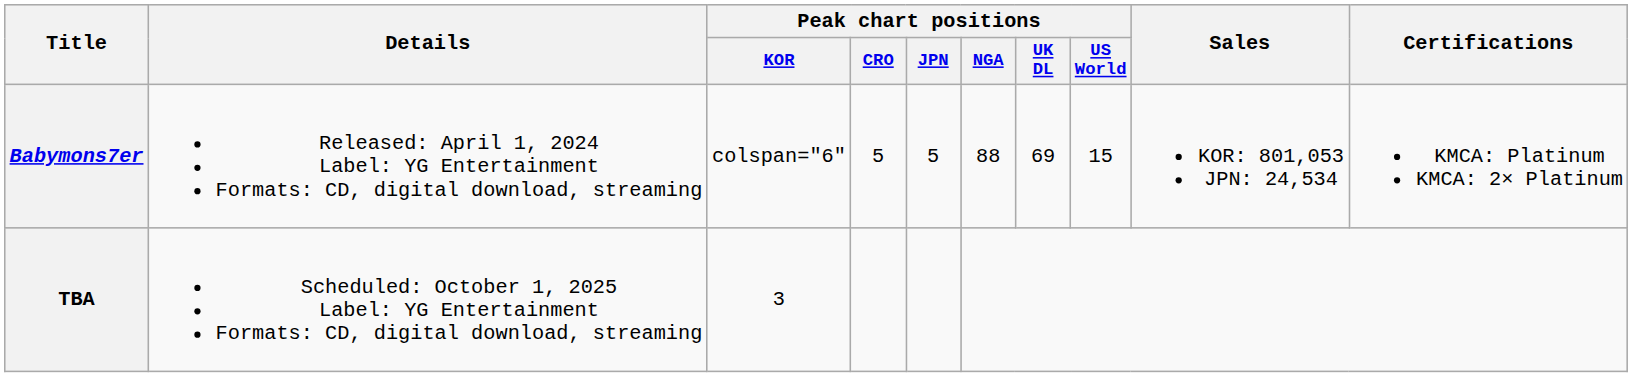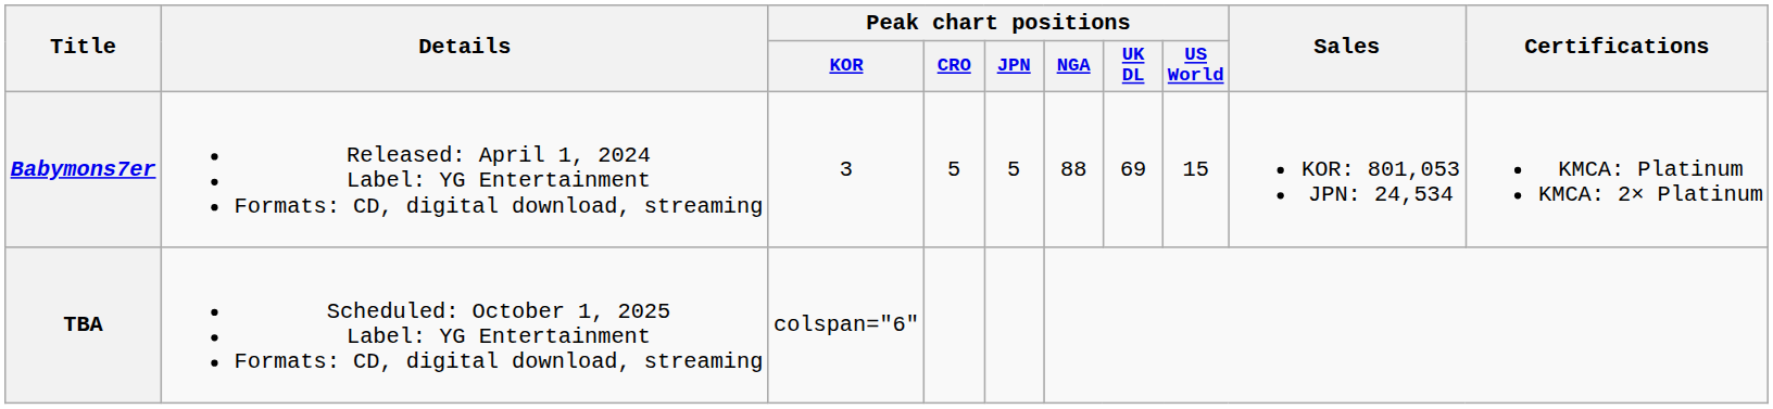 <table class="wikitable plainrowheaders" style="text-align:center">
 <tr>
 <th scope="col" rowspan="2">Title</th>
 <th scope="col" rowspan="2">Details</th>
 <th scope="col" colspan="6">Peak chart positions</th>
 <th scope="col" rowspan="2">Sales</th>
 <th scope="col" rowspan="2">Certifications</th>
 </tr>
 <tr>
 <th scope="col" style="font-size:85%; width:2.7em"><a href='#'>KOR</a><br></th>
 <th scope="col" style="font-size:85%; width:2.7em"><a href='#'>CRO</a><br></th>
 <th scope="col" style="font-size:85%; width:2.7em"><a href='#'>JPN</a><br></th>
 <th scope="col" style="font-size:85%; width:2.7em"><a href='#'>NGA</a><br></th>
 <th scope="col" style="font-size:85%; width:2.7em"><a href='#'>UK<br>DL</a><br></th>
 <th scope="col" style="font-size:85%; width:2.7em"><a href='#'>US<br>World</a><br></th>
 </tr>
 <tr>
 <th scope="row"><em><a href='#'>Babymons7er</a></em></th>
 <td><br><ul><li>Released: April 1, 2024</li><li>Label: YG Entertainment</li><li>Formats: CD, digital download, streaming</li></ul></td>
-<td>colspan="6" </td>
+<td>3</td>
 <td>5</td>
 <td>5</td>
 <td>88</td>
 <td>69</td>
 <td>15</td>
 <td><br><ul><li>KOR: 801,053</li><li>JPN: 24,534</li></ul></td>
 <td><br><ul><li>KMCA: Platinum</li><li>KMCA: 2× Platinum </li></ul></td>
 </tr>
 <tr>
 <th scope="row">TBA</th>
 <td><br><ul><li>Scheduled: October 1, 2025</li><li>Label: YG Entertainment</li><li>Formats: CD, digital download, streaming</li></ul></td>
-<td>3</td>
+<td>colspan="6" </td>
 <td></td>
 <td></td>
 </tr>
 </table>
